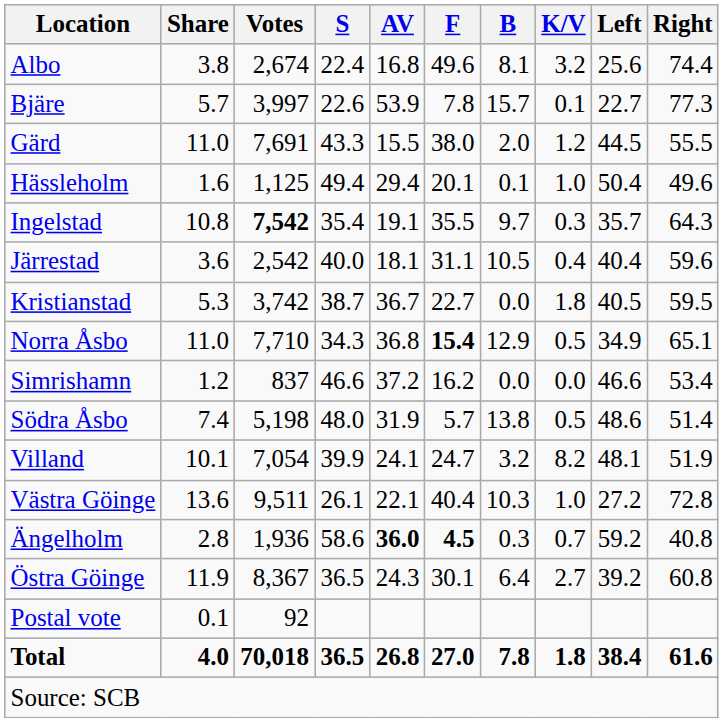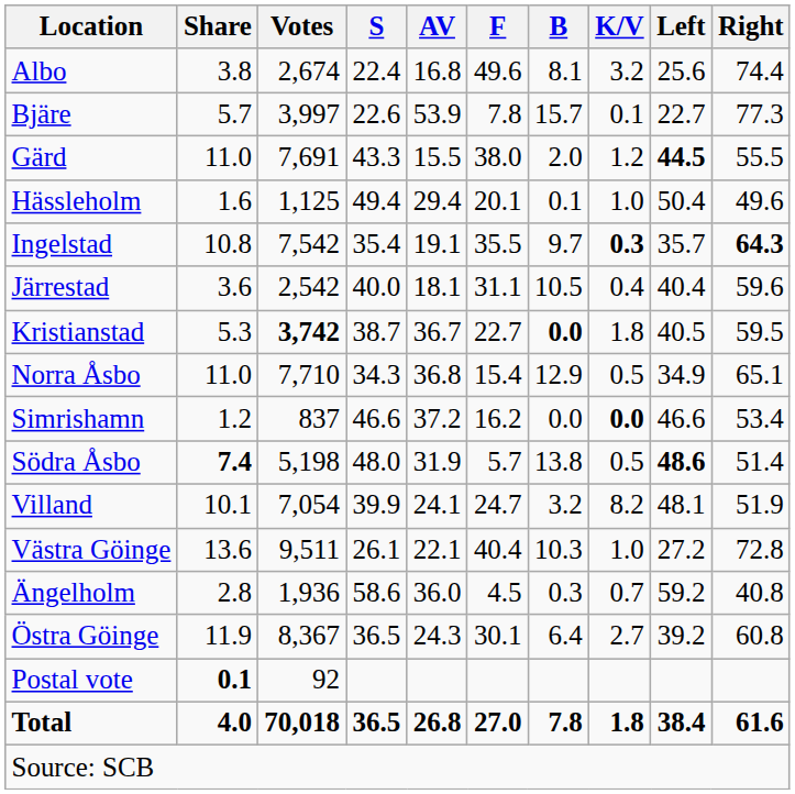 <table class="wikitable sortable" style=text-align:right>
 <tr>
 <th>Location</th>
 <th>Share</th>
 <th>Votes</th>
 <th><a href='#'>S</a></th>
 <th><a href='#'>AV</a></th>
 <th><a href='#'>F</a></th>
 <th><a href='#'>B</a></th>
 <th><a href='#'>K/V</a></th>
 <th>Left</th>
 <th>Right</th>
 </tr>
 <tr>
 <td align=left><a href='#'>Albo</a></td>
 <td>3.8</td>
 <td>2,674</td>
 <td>22.4</td>
 <td>16.8</td>
 <td>49.6</td>
 <td>8.1</td>
 <td>3.2</td>
 <td>25.6</td>
 <td>74.4</td>
 </tr>
 <tr>
 <td align=left><a href='#'>Bjäre</a></td>
 <td>5.7</td>
 <td>3,997</td>
 <td>22.6</td>
 <td>53.9</td>
 <td>7.8</td>
 <td>15.7</td>
 <td>0.1</td>
 <td>22.7</td>
 <td>77.3</td>
 </tr>
 <tr>
 <td align=left><a href='#'>Gärd</a></td>
 <td>11.0</td>
 <td>7,691</td>
 <td>43.3</td>
 <td>15.5</td>
 <td>38.0</td>
 <td>2.0</td>
 <td>1.2</td>
-<td>44.5</td>
+<td><strong>44.5</strong></td>
 <td>55.5</td>
 </tr>
 <tr>
 <td align=left><a href='#'>Hässleholm</a></td>
 <td>1.6</td>
 <td>1,125</td>
 <td>49.4</td>
 <td>29.4</td>
 <td>20.1</td>
 <td>0.1</td>
 <td>1.0</td>
 <td>50.4</td>
 <td>49.6</td>
 </tr>
 <tr>
 <td align=left><a href='#'>Ingelstad</a></td>
 <td>10.8</td>
-<td><strong>7,542</strong></td>
+<td>7,542</td>
 <td>35.4</td>
 <td>19.1</td>
 <td>35.5</td>
 <td>9.7</td>
-<td>0.3</td>
+<td><strong>0.3</strong></td>
 <td>35.7</td>
-<td>64.3</td>
+<td><strong>64.3</strong></td>
 </tr>
 <tr>
 <td align=left><a href='#'>Järrestad</a></td>
 <td>3.6</td>
 <td>2,542</td>
 <td>40.0</td>
 <td>18.1</td>
 <td>31.1</td>
 <td>10.5</td>
 <td>0.4</td>
 <td>40.4</td>
 <td>59.6</td>
 </tr>
 <tr>
 <td align=left><a href='#'>Kristianstad</a></td>
 <td>5.3</td>
-<td>3,742</td>
+<td><strong>3,742</strong></td>
 <td>38.7</td>
 <td>36.7</td>
 <td>22.7</td>
-<td>0.0</td>
+<td><strong>0.0</strong></td>
 <td>1.8</td>
 <td>40.5</td>
 <td>59.5</td>
 </tr>
 <tr>
 <td align=left><a href='#'>Norra Åsbo</a></td>
 <td>11.0</td>
 <td>7,710</td>
 <td>34.3</td>
 <td>36.8</td>
-<td><strong>15.4</strong></td>
+<td>15.4</td>
 <td>12.9</td>
 <td>0.5</td>
 <td>34.9</td>
 <td>65.1</td>
 </tr>
 <tr>
 <td align=left><a href='#'>Simrishamn</a></td>
 <td>1.2</td>
 <td>837</td>
 <td>46.6</td>
 <td>37.2</td>
 <td>16.2</td>
 <td>0.0</td>
-<td>0.0</td>
+<td><strong>0.0</strong></td>
 <td>46.6</td>
 <td>53.4</td>
 </tr>
 <tr>
 <td align=left><a href='#'>Södra Åsbo</a></td>
-<td>7.4</td>
+<td><strong>7.4</strong></td>
 <td>5,198</td>
 <td>48.0</td>
 <td>31.9</td>
 <td>5.7</td>
 <td>13.8</td>
 <td>0.5</td>
-<td>48.6</td>
+<td><strong>48.6</strong></td>
 <td>51.4</td>
 </tr>
 <tr>
 <td align=left><a href='#'>Villand</a></td>
 <td>10.1</td>
 <td>7,054</td>
 <td>39.9</td>
 <td>24.1</td>
 <td>24.7</td>
 <td>3.2</td>
 <td>8.2</td>
 <td>48.1</td>
 <td>51.9</td>
 </tr>
 <tr>
 <td align=left><a href='#'>Västra Göinge</a></td>
 <td>13.6</td>
 <td>9,511</td>
 <td>26.1</td>
 <td>22.1</td>
 <td>40.4</td>
 <td>10.3</td>
 <td>1.0</td>
 <td>27.2</td>
 <td>72.8</td>
 </tr>
 <tr>
 <td align=left><a href='#'>Ängelholm</a></td>
 <td>2.8</td>
 <td>1,936</td>
 <td>58.6</td>
-<td><strong>36.0</strong></td>
-<td><strong>4.5</strong></td>
+<td>36.0</td>
+<td>4.5</td>
 <td>0.3</td>
 <td>0.7</td>
 <td>59.2</td>
 <td>40.8</td>
 </tr>
 <tr>
 <td align=left><a href='#'>Östra Göinge</a></td>
 <td>11.9</td>
 <td>8,367</td>
 <td>36.5</td>
 <td>24.3</td>
 <td>30.1</td>
 <td>6.4</td>
 <td>2.7</td>
 <td>39.2</td>
 <td>60.8</td>
 </tr>
 <tr>
 <td align=left><a href='#'>Postal vote</a></td>
-<td>0.1</td>
+<td><strong>0.1</strong></td>
 <td>92</td>
 <td></td>
 <td></td>
 <td></td>
 <td></td>
 <td></td>
 <td></td>
 <td></td>
 </tr>
 <tr>
 <td align=left><strong>Total</strong></td>
 <td><strong>4.0</strong></td>
 <td><strong>70,018</strong></td>
 <td><strong>36.5</strong></td>
 <td><strong>26.8</strong></td>
 <td><strong>27.0</strong></td>
 <td><strong>7.8</strong></td>
 <td><strong>1.8</strong></td>
 <td><strong>38.4</strong></td>
 <td><strong>61.6</strong></td>
 </tr>
 <tr>
 <td align=left colspan=10>Source: SCB </td>
 </tr>
 </table>
